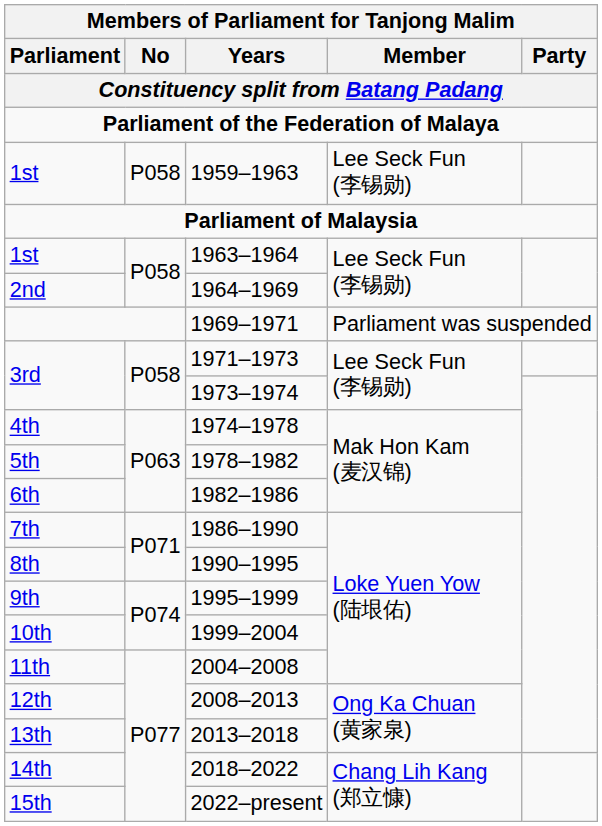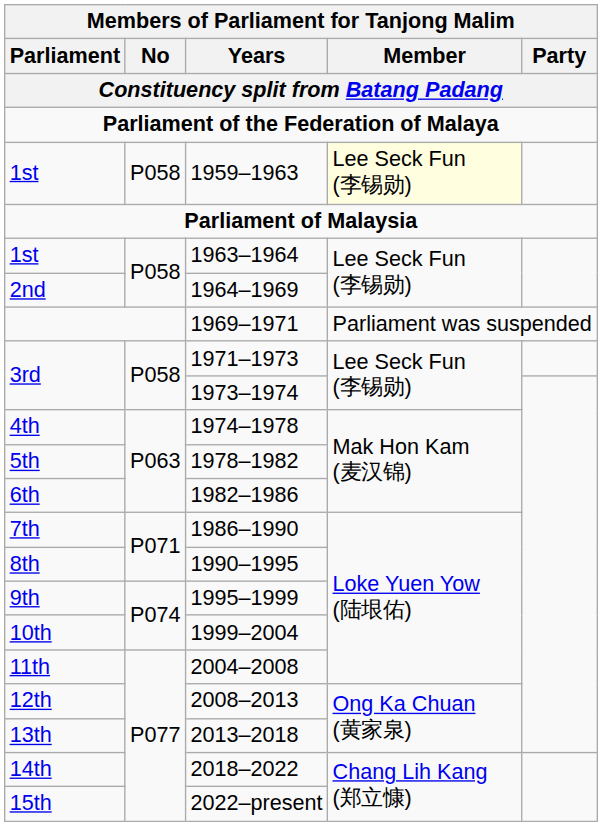 <table class=wikitable>
 <tr>
 <th colspan="5">Members of Parliament for Tanjong Malim</th>
 </tr>
 <tr>
 <th>Parliament</th>
 <th>No</th>
 <th>Years</th>
 <th>Member</th>
 <th>Party</th>
 </tr>
 <tr>
 <th colspan="5" align="center"><em>Constituency split from <a href='#'>Batang Padang</a></em></th>
 </tr>
 <tr>
 <td colspan="5" align="center"><strong>Parliament of the Federation of Malaya</strong></td>
 </tr>
 <tr>
 <td><a href='#'>1st</a></td>
 <td>P058</td>
 <td>1959–1963</td>
-<td>Lee Seck Fun <br> (李锡勋)</td>
+<td style="background: lightyellow;">Lee Seck Fun <br> (李锡勋)</td>
 <td></td>
 </tr>
 <tr>
 <td colspan="5" align="center"><strong>Parliament of Malaysia</strong></td>
 </tr>
 <tr>
 <td><a href='#'>1st</a></td>
 <td rowspan="2">P058</td>
 <td>1963–1964</td>
 <td rowspan=2>Lee Seck Fun <br> (李锡勋)</td>
 <td rowspan="2"></td>
 </tr>
 <tr>
 <td><a href='#'>2nd</a></td>
 <td>1964–1969</td>
 </tr>
 <tr>
 <td colspan="2"></td>
 <td>1969–1971</td>
 <td colspan=2 align=center>Parliament was suspended</td>
 </tr>
 <tr>
 <td rowspan=2><a href='#'>3rd</a></td>
 <td rowspan="2">P058</td>
 <td>1971–1973</td>
 <td rowspan=2>Lee Seck Fun  <br>(李锡勋)</td>
 <td></td>
 </tr>
 <tr>
 <td>1973–1974</td>
 <td rowspan=11></td>
 </tr>
 <tr>
 <td><a href='#'>4th</a></td>
 <td rowspan="3">P063</td>
 <td>1974–1978</td>
 <td rowspan=3>Mak Hon Kam <br> (麦汉锦)</td>
 </tr>
 <tr>
 <td><a href='#'>5th</a></td>
 <td>1978–1982</td>
 </tr>
 <tr>
 <td><a href='#'>6th</a></td>
 <td>1982–1986</td>
 </tr>
 <tr>
 <td><a href='#'>7th</a></td>
 <td rowspan="2">P071</td>
 <td>1986–1990</td>
 <td rowspan=5><a href='#'>Loke Yuen Yow</a> <br> (陆垠佑)</td>
 </tr>
 <tr>
 <td><a href='#'>8th</a></td>
 <td>1990–1995</td>
 </tr>
 <tr>
 <td><a href='#'>9th</a></td>
 <td rowspan="2">P074</td>
 <td>1995–1999</td>
 </tr>
 <tr>
 <td><a href='#'>10th</a></td>
 <td>1999–2004</td>
 </tr>
 <tr>
 <td><a href='#'>11th</a></td>
 <td rowspan="5">P077</td>
 <td>2004–2008</td>
 </tr>
 <tr>
 <td><a href='#'>12th</a></td>
 <td>2008–2013</td>
 <td rowspan=2><a href='#'>Ong Ka Chuan</a> <br> (黄家泉)</td>
 </tr>
 <tr>
 <td><a href='#'>13th</a></td>
 <td>2013–2018</td>
 </tr>
 <tr>
 <td><a href='#'>14th</a></td>
 <td>2018–2022</td>
 <td rowspan=2><a href='#'>Chang Lih Kang</a> <br> (郑立慷)</td>
 <td rowspan=2></td>
 </tr>
 <tr>
 <td><a href='#'>15th</a></td>
 <td>2022–present</td>
 </tr>
 </table>
